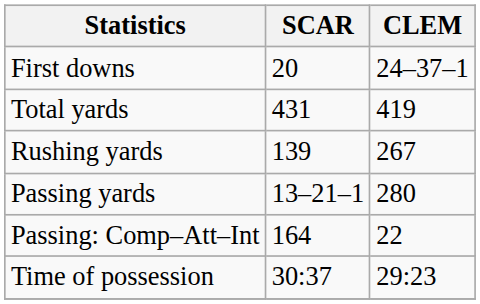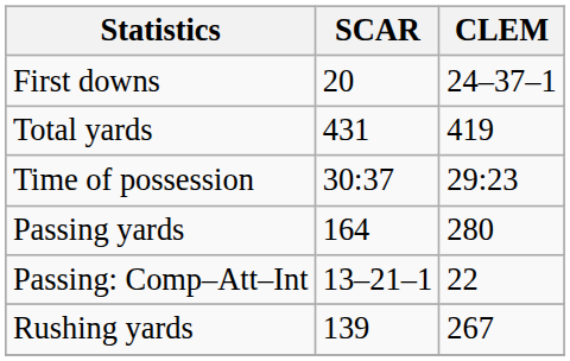 <table class="wikitable" style="float: left;">
 <tr>
 <th>Statistics</th>
 <th>SCAR</th>
 <th>CLEM</th>
 </tr>
 <tr>
 <td>First downs</td>
 <td>20</td>
 <td>24–37–1</td>
 </tr>
 <tr>
 <td>Total yards</td>
 <td>431</td>
 <td>419</td>
 </tr>
 <tr>
+<td>Time of possession</td>
+<td>30:37</td>
+<td>29:23</td>
+</tr>
+<tr>
+<td>Passing yards</td>
+<td>164</td>
+<td>280</td>
+</tr>
+<tr>
+<td>Passing: Comp–Att–Int</td>
+<td>13–21–1</td>
+<td>22</td>
+</tr>
+<tr>
 <td>Rushing yards</td>
 <td>139</td>
 <td>267</td>
 </tr>
 <tr>
-<td>Passing yards</td>
-<td>13–21–1</td>
-<td>280</td>
-</tr>
-<tr>
-<td>Passing: Comp–Att–Int</td>
-<td>164</td>
-<td>22</td>
-</tr>
-<tr>
-<td>Time of possession</td>
-<td>30:37</td>
-<td>29:23</td>
-</tr>
-<tr>
 </tr>
 </table>
